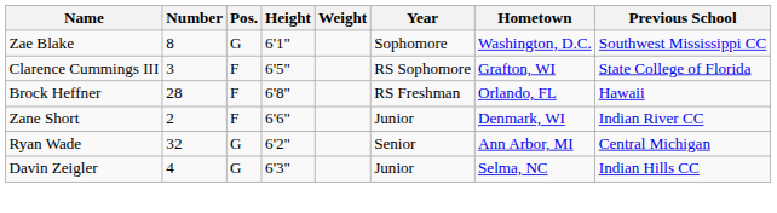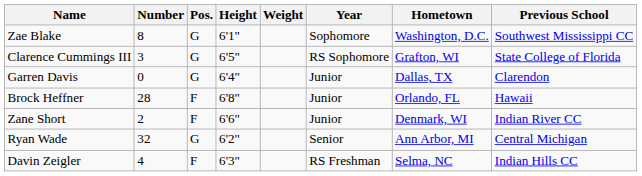 <table class="wikitable sortable" border="1">
 <tr>
 <th>Name</th>
 <th>Number</th>
 <th>Pos.</th>
 <th>Height</th>
 <th>Weight</th>
 <th>Year</th>
 <th>Hometown</th>
 <th>Previous School</th>
 </tr>
 <tr>
 <td>Zae Blake</td>
 <td>8</td>
 <td>G</td>
 <td>6'1"</td>
 <td></td>
 <td>Sophomore</td>
 <td><a href='#'>Washington, D.C.</a></td>
 <td><a href='#'>Southwest Mississippi CC</a></td>
 </tr>
 <tr>
 <td>Clarence Cummings III</td>
 <td>3</td>
-<td>F</td>
+<td>G</td>
 <td>6'5"</td>
 <td></td>
 <td>RS Sophomore</td>
 <td><a href='#'>Grafton, WI</a></td>
 <td><a href='#'>State College of Florida</a></td>
 </tr>
 <tr>
+<td>Garren Davis</td>
+<td>0</td>
+<td>G</td>
+<td>6'4"</td>
+<td></td>
+<td>Junior</td>
+<td><a href='#'>Dallas, TX</a></td>
+<td><a href='#'>Clarendon</a></td>
+</tr>
+<tr>
 <td>Brock Heffner</td>
 <td>28</td>
 <td>F</td>
 <td>6'8"</td>
 <td></td>
-<td>RS Freshman</td>
+<td>Junior</td>
 <td><a href='#'>Orlando, FL</a></td>
 <td><a href='#'>Hawaii</a></td>
 </tr>
 <tr>
 <td>Zane Short</td>
 <td>2</td>
 <td>F</td>
 <td>6'6"</td>
 <td></td>
 <td>Junior</td>
 <td><a href='#'>Denmark, WI</a></td>
 <td><a href='#'>Indian River CC</a></td>
 </tr>
 <tr>
 <td>Ryan Wade</td>
 <td>32</td>
 <td>G</td>
 <td>6'2"</td>
 <td></td>
 <td>Senior</td>
 <td><a href='#'>Ann Arbor, MI</a></td>
 <td><a href='#'>Central Michigan</a></td>
 </tr>
 <tr>
 <td>Davin Zeigler</td>
 <td>4</td>
-<td>G</td>
+<td>F</td>
 <td>6'3"</td>
 <td></td>
-<td>Junior</td>
+<td>RS Freshman</td>
 <td><a href='#'>Selma, NC</a></td>
 <td><a href='#'>Indian Hills CC</a></td>
 </tr>
 </table>
